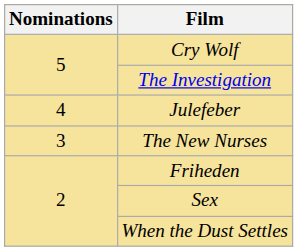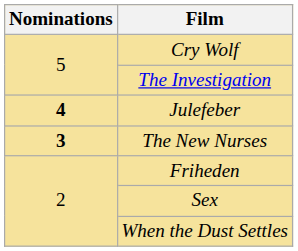 <table class="wikitable plainrowheaders" rowspan=2 style="text-align: center; background: #f6e39c">
 <tr>
 <th scope="col" style="width:55px;">Nominations</th>
 <th scope="col" style="text-align:center;">Film</th>
 </tr>
 <tr>
 <td rowspan="2">5</td>
 <td><em>Cry Wolf</em></td>
 </tr>
 <tr>
 <td><em><a href='#'>The Investigation</a></em></td>
 </tr>
 <tr>
-<td>4</td>
+<td><strong>4</strong></td>
 <td><em>Julefeber</em></td>
 </tr>
 <tr>
-<td>3</td>
+<td><strong>3</strong></td>
 <td><em>The New Nurses</em></td>
 </tr>
 <tr>
 <td rowspan="3">2</td>
 <td><em>Friheden</em></td>
 </tr>
 <tr>
 <td><em>Sex</em></td>
 </tr>
 <tr>
 <td><em>When the Dust Settles</em></td>
 </tr>
 </table>
